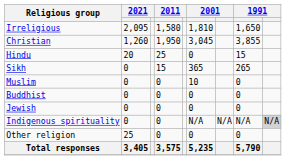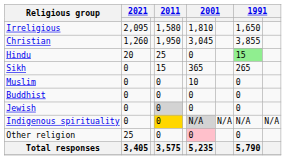 <table class="wikitable collapsible sortable">
 <tr>
 <th rowspan="2">Religious group</th>
 <th colspan="2"><a href='#'>2021</a></th>
 <th colspan="2"><a href='#'>2011</a></th>
 <th colspan="2"><a href='#'>2001</a></th>
 <th colspan="2"><a href='#'>1991</a></th>
 </tr>
 <tr>
 <th><a href='#'></a></th>
 <th></th>
 <th></th>
 <th></th>
 <th></th>
 <th></th>
 <th></th>
 <th></th>
 </tr>
 <tr>
 <td><a href='#'>Irreligious</a></td>
 <td>2,095</td>
 <td></td>
 <td>1,580</td>
 <td></td>
 <td>1,810</td>
 <td></td>
 <td>1,650</td>
 <td></td>
 </tr>
 <tr>
 <td><a href='#'>Christian</a></td>
 <td>1,260</td>
 <td></td>
 <td>1,950</td>
 <td></td>
 <td>3,045</td>
 <td></td>
 <td>3,855</td>
 <td></td>
 </tr>
 <tr>
 <td><a href='#'>Hindu</a></td>
 <td>20</td>
 <td></td>
 <td>25</td>
 <td></td>
 <td>0</td>
 <td></td>
-<td>15</td>
+<td style="background: lightgreen;">15</td>
 <td></td>
 </tr>
 <tr>
 <td><a href='#'>Sikh</a></td>
 <td>0</td>
 <td></td>
 <td>15</td>
 <td></td>
 <td>365</td>
 <td></td>
 <td>265</td>
 <td></td>
 </tr>
 <tr>
 <td><a href='#'>Muslim</a></td>
 <td>0</td>
 <td></td>
 <td>0</td>
 <td></td>
 <td>10</td>
 <td></td>
 <td>0</td>
 <td></td>
 </tr>
 <tr>
 <td><a href='#'>Buddhist</a></td>
 <td>0</td>
 <td></td>
 <td>0</td>
 <td></td>
 <td>0</td>
 <td></td>
 <td>0</td>
 <td></td>
 </tr>
 <tr>
 <td><a href='#'>Jewish</a></td>
 <td>0</td>
 <td></td>
-<td>0</td>
+<td style="background: lightgrey;">0</td>
 <td></td>
 <td>0</td>
 <td></td>
 <td>0</td>
 <td></td>
 </tr>
 <tr>
 <td><a href='#'>Indigenous spirituality</a></td>
 <td>0</td>
 <td></td>
-<td>0</td>
+<td style="background: gold;">0</td>
 <td></td>
+<td style="background: lightgrey;">N/A</td>
 <td>N/A</td>
 <td>N/A</td>
 <td>N/A</td>
-<td style="background: lightgrey;">N/A</td>
 </tr>
 <tr>
 <td>Other religion</td>
 <td>25</td>
 <td></td>
 <td>0</td>
 <td></td>
-<td>0</td>
+<td style="background: pink;">0</td>
 <td></td>
 <td>0</td>
 <td></td>
 </tr>
 <tr class="sortbottom">
 <th>Total responses</th>
 <th>3,405</th>
 <th></th>
 <th>3,575</th>
 <th></th>
 <th>5,235</th>
 <th></th>
 <th>5,790</th>
 <th></th>
 </tr>
 <tr>
 </tr>
 </table>
